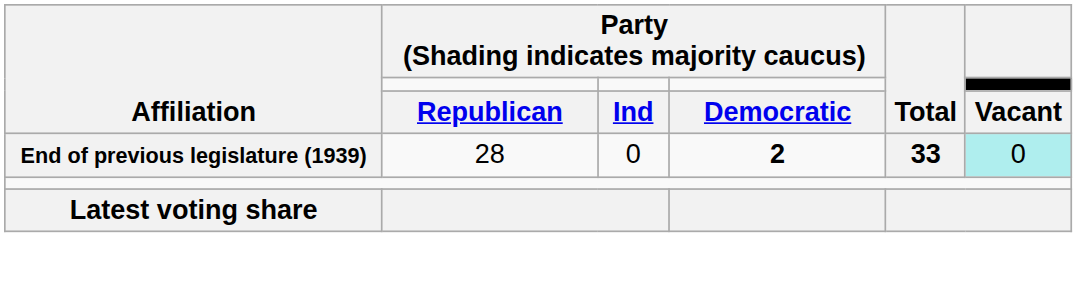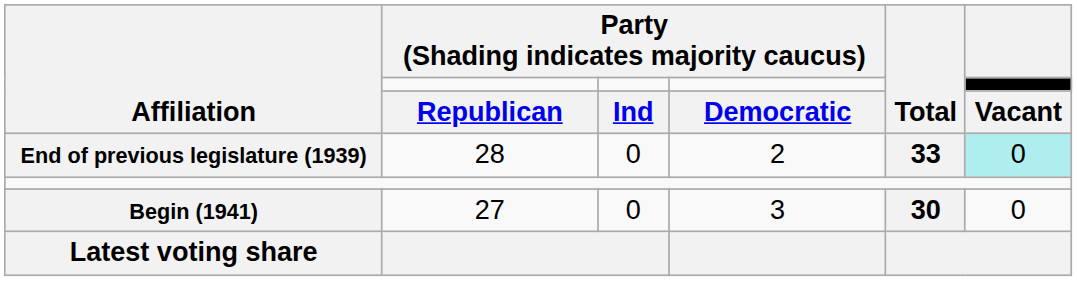 <table class=wikitable style="text-align:center; width:50%">
 <tr style="vertical-align:bottom;">
 <th rowspan=3>Affiliation</th>
 <th colspan=3>Party <div>(Shading indicates majority caucus)</div></th>
 <th rowspan=3>Total</th>
 <th></th>
 </tr>
 <tr style="height:5px">
 <td style="background-color:"></td>
 <td style="background-color:"></td>
 <td style="background-color:"></td>
 <td style="background-color:black"></td>
 </tr>
 <tr>
 <th><a href='#'>Republican</a></th>
 <th><a href='#'>Ind</a></th>
 <th><a href='#'>Democratic</a></th>
 <th>Vacant</th>
 </tr>
 <tr>
 <th nowrap style="font-size:80%">End of previous legislature (1939)</th>
 <td>28</td>
 <td>0</td>
-<td><strong>2</strong></td>
+<td>2</td>
 <th>33</th>
 <td style="background: paleturquoise;">0</td>
 </tr>
 <tr>
 <td colspan=6></td>
+</tr>
+<tr>
+<th nowrap style="font-size:80%">Begin (1941)</th>
+<td>27</td>
+<td>0</td>
+<td>3</td>
+<th>30</th>
+<td>0</td>
 </tr>
 <tr>
 <th>Latest voting share</th>
 <th colspan=2 ></th>
 <th></th>
 <th colspan=2></th>
 </tr>
 </table>
